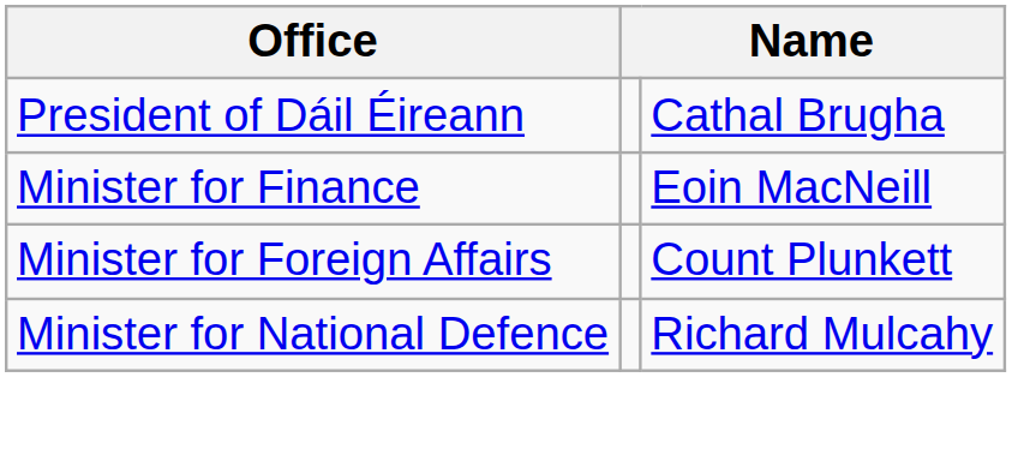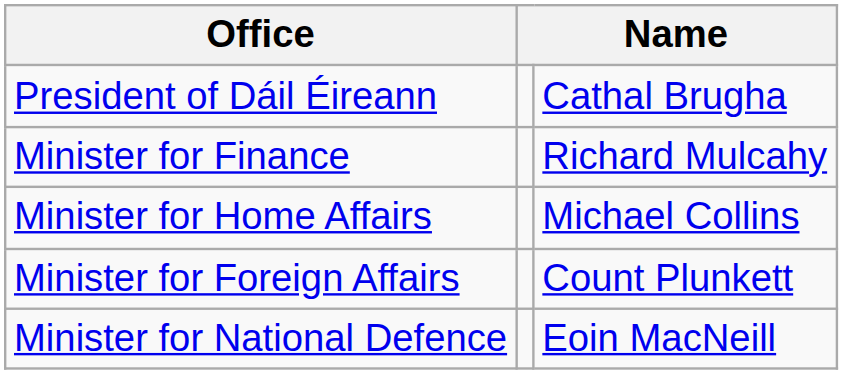 <table class="wikitable">
 <tr>
 <th>Office</th>
 <th colspan="2">Name</th>
 </tr>
 <tr>
 <td><a href='#'>President of Dáil Éireann</a></td>
 <td style="background-color: "></td>
 <td><a href='#'>Cathal Brugha</a></td>
 </tr>
 <tr>
 <td><a href='#'>Minister for Finance</a></td>
 <td style="background-color: "></td>
-<td><a href='#'>Eoin MacNeill</a></td>
+<td><a href='#'>Richard Mulcahy</a></td>
+</tr>
+<tr>
+<td><a href='#'>Minister for Home Affairs</a></td>
+<td style="background-color: "></td>
+<td><a href='#'>Michael Collins</a></td>
 </tr>
 <tr>
 <td><a href='#'>Minister for Foreign Affairs</a></td>
 <td style="background-color: "></td>
 <td><a href='#'>Count Plunkett</a></td>
 </tr>
 <tr>
 <td><a href='#'>Minister for National Defence</a></td>
 <td style="background-color: "></td>
-<td><a href='#'>Richard Mulcahy</a></td>
+<td><a href='#'>Eoin MacNeill</a></td>
 </tr>
 </table>
